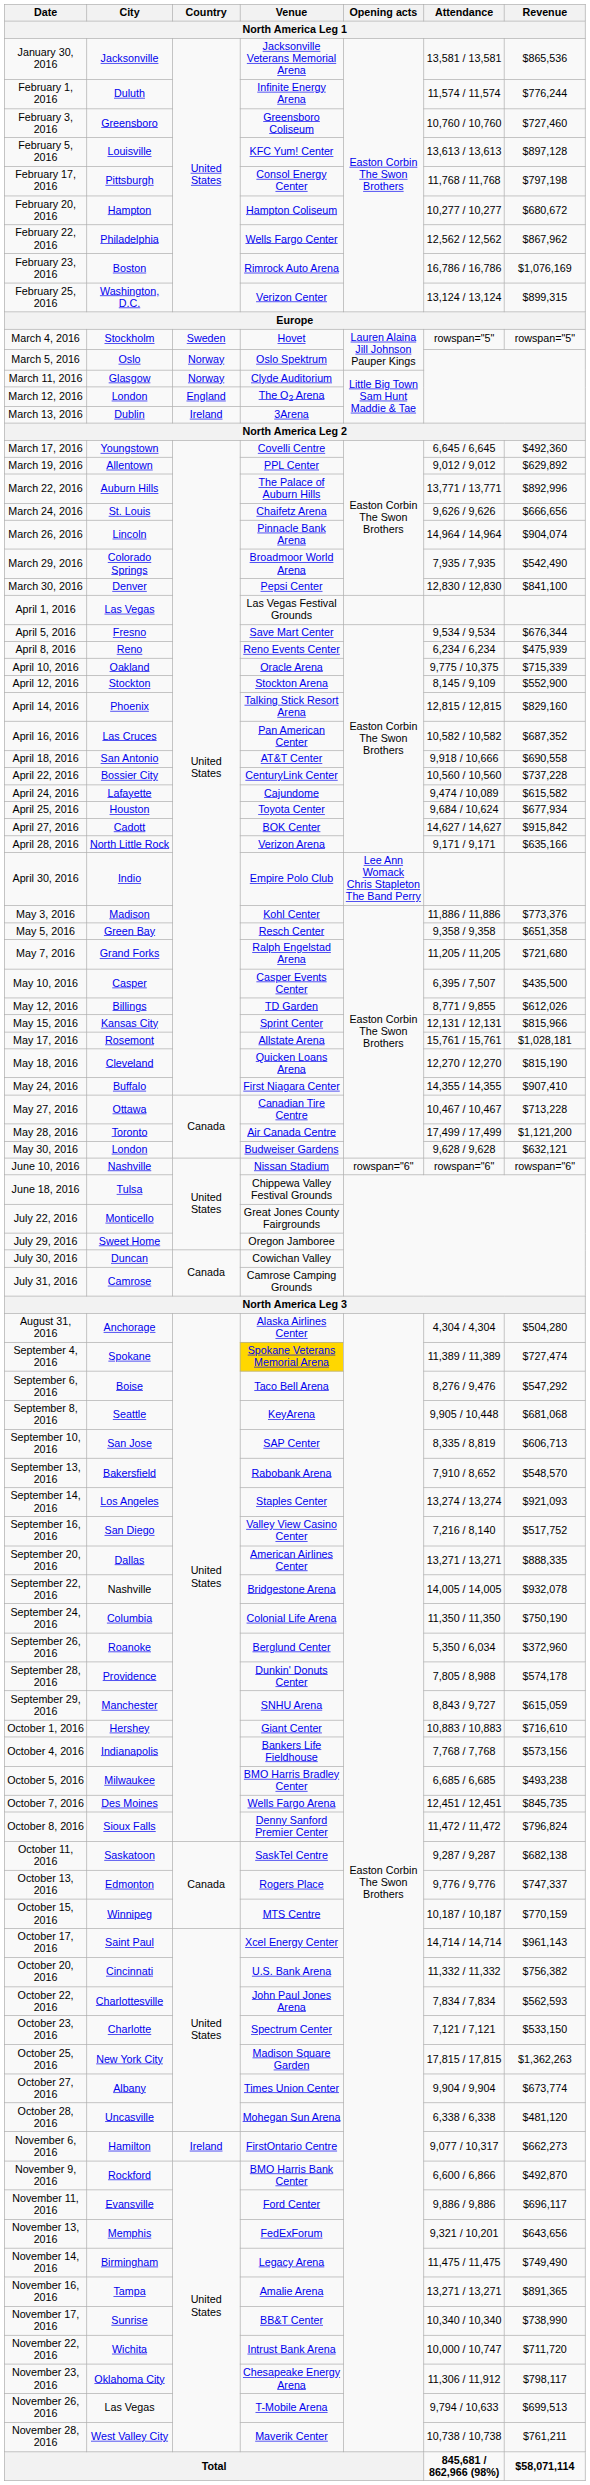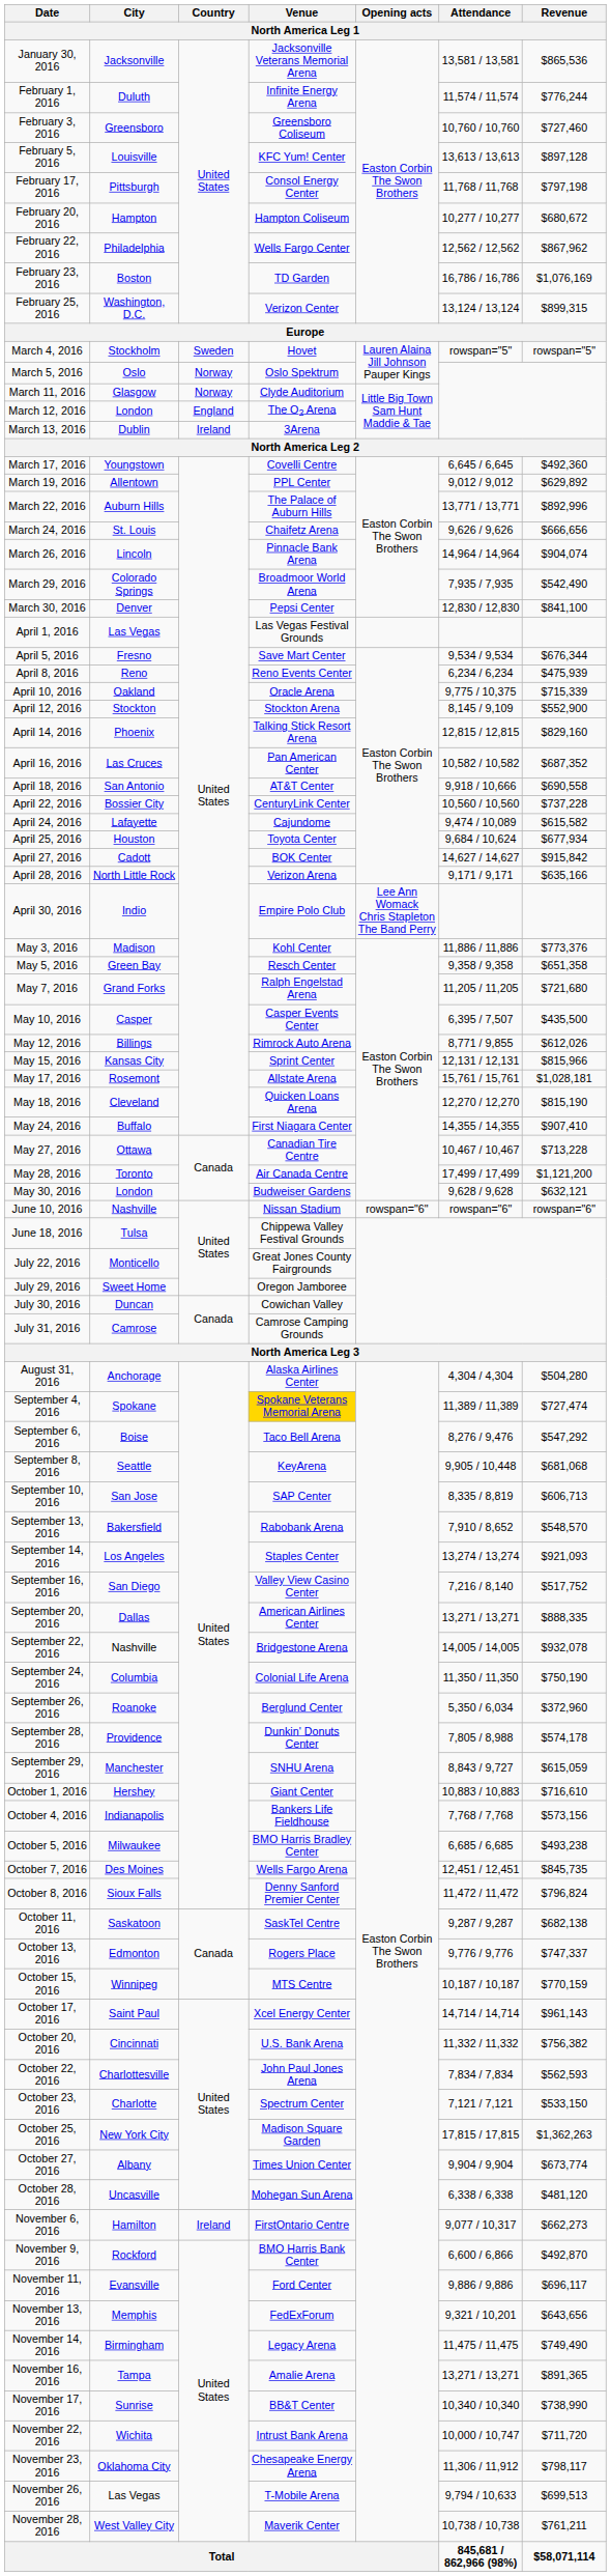 <table class="wikitable" style="text-align:center;">
 <tr>
 <th scope="col" style="width:12em;">Date</th>
 <th scope="col" style="width:10em;">City</th>
 <th scope="col" style="width:10em;">Country</th>
 <th scope="col" style="width:16em;">Venue</th>
 <th scope="col" style="width:10em;">Opening acts</th>
 <th scope="col" style="width:10em;">Attendance</th>
 <th scope="col" style="width:10em;">Revenue</th>
 </tr>
 <tr>
 <th colspan="7">North America Leg 1</th>
 </tr>
 <tr>
 <td>January 30, 2016</td>
 <td><a href='#'>Jacksonville</a></td>
 <td rowspan="9"><a href='#'>United States</a></td>
 <td><a href='#'>Jacksonville Veterans Memorial Arena</a></td>
 <td rowspan="9"><a href='#'>Easton Corbin</a><br><a href='#'>The Swon Brothers</a></td>
 <td>13,581 / 13,581</td>
 <td>$865,536</td>
 </tr>
 <tr>
 <td>February 1, 2016</td>
 <td><a href='#'>Duluth</a></td>
 <td><a href='#'>Infinite Energy Arena</a></td>
 <td>11,574 / 11,574</td>
 <td>$776,244</td>
 </tr>
 <tr>
 <td>February 3, 2016</td>
 <td><a href='#'>Greensboro</a></td>
 <td><a href='#'>Greensboro Coliseum</a></td>
 <td>10,760 / 10,760</td>
 <td>$727,460</td>
 </tr>
 <tr>
 <td>February 5, 2016</td>
 <td><a href='#'>Louisville</a></td>
 <td><a href='#'>KFC Yum! Center</a></td>
 <td>13,613 / 13,613</td>
 <td>$897,128</td>
 </tr>
 <tr>
 <td>February 17, 2016</td>
 <td><a href='#'>Pittsburgh</a></td>
 <td><a href='#'>Consol Energy Center</a></td>
 <td>11,768 / 11,768</td>
 <td>$797,198</td>
 </tr>
 <tr>
 <td>February 20, 2016</td>
 <td><a href='#'>Hampton</a></td>
 <td><a href='#'>Hampton Coliseum</a></td>
 <td>10,277 / 10,277</td>
 <td>$680,672</td>
 </tr>
 <tr>
 <td>February 22, 2016</td>
 <td><a href='#'>Philadelphia</a></td>
 <td><a href='#'>Wells Fargo Center</a></td>
 <td>12,562 / 12,562</td>
 <td>$867,962</td>
 </tr>
 <tr>
 <td>February 23, 2016</td>
 <td><a href='#'>Boston</a></td>
-<td><a href='#'>Rimrock Auto Arena</a></td>
+<td><a href='#'>TD Garden</a></td>
 <td>16,786 / 16,786</td>
 <td>$1,076,169</td>
 </tr>
 <tr>
 <td>February 25, 2016</td>
 <td><a href='#'>Washington, D.C.</a></td>
 <td><a href='#'>Verizon Center</a></td>
 <td>13,124 / 13,124</td>
 <td>$899,315</td>
 </tr>
 <tr>
 <th colspan="7">Europe</th>
 </tr>
 <tr>
 <td>March 4, 2016</td>
 <td><a href='#'>Stockholm</a></td>
 <td><a href='#'>Sweden</a></td>
 <td><a href='#'>Hovet</a></td>
 <td rowspan="2"><a href='#'>Lauren Alaina</a><br><a href='#'>Jill Johnson</a><br>Pauper Kings</td>
 <td>rowspan="5" </td>
 <td>rowspan="5" </td>
 </tr>
 <tr>
 <td>March 5, 2016</td>
 <td><a href='#'>Oslo</a></td>
 <td><a href='#'>Norway</a></td>
 <td><a href='#'>Oslo Spektrum</a></td>
 </tr>
 <tr>
 <td>March 11, 2016</td>
 <td><a href='#'>Glasgow</a></td>
 <td><a href='#'>Norway</a></td>
 <td><a href='#'>Clyde Auditorium</a></td>
 <td rowspan="3"><a href='#'>Little Big Town</a><br><a href='#'>Sam Hunt</a><br><a href='#'>Maddie & Tae</a></td>
 </tr>
 <tr>
 <td>March 12, 2016</td>
 <td><a href='#'>London</a></td>
 <td><a href='#'>England</a></td>
 <td><a href='#'>The O<sub>2</sub> Arena</a></td>
 </tr>
 <tr>
 <td>March 13, 2016</td>
 <td><a href='#'>Dublin</a></td>
 <td><a href='#'>Ireland</a></td>
 <td><a href='#'>3Arena</a></td>
 </tr>
 <tr>
 <th colspan="7">North America Leg 2</th>
 </tr>
 <tr>
 <td>March 17, 2016</td>
 <td><a href='#'>Youngstown</a></td>
 <td rowspan="30">United States</td>
 <td><a href='#'>Covelli Centre</a></td>
 <td rowspan="7">Easton Corbin<br>The Swon Brothers</td>
 <td>6,645 / 6,645</td>
 <td>$492,360</td>
 </tr>
 <tr>
 <td>March 19, 2016</td>
 <td><a href='#'>Allentown</a></td>
 <td><a href='#'>PPL Center</a></td>
 <td>9,012 / 9,012</td>
 <td>$629,892</td>
 </tr>
 <tr>
 <td>March 22, 2016</td>
 <td><a href='#'>Auburn Hills</a></td>
 <td><a href='#'>The Palace of Auburn Hills</a></td>
 <td>13,771 / 13,771</td>
 <td>$892,996</td>
 </tr>
 <tr>
 <td>March 24, 2016</td>
 <td><a href='#'>St. Louis</a></td>
 <td><a href='#'>Chaifetz Arena</a></td>
 <td>9,626 / 9,626</td>
 <td>$666,656</td>
 </tr>
 <tr>
 <td>March 26, 2016</td>
 <td><a href='#'>Lincoln</a></td>
 <td><a href='#'>Pinnacle Bank Arena</a></td>
 <td>14,964 / 14,964</td>
 <td>$904,074</td>
 </tr>
 <tr>
 <td>March 29, 2016</td>
 <td><a href='#'>Colorado Springs</a></td>
 <td><a href='#'>Broadmoor World Arena</a></td>
 <td>7,935 / 7,935</td>
 <td>$542,490</td>
 </tr>
 <tr>
 <td>March 30, 2016</td>
 <td><a href='#'>Denver</a></td>
 <td><a href='#'>Pepsi Center</a></td>
 <td>12,830 / 12,830</td>
 <td>$841,100</td>
 </tr>
 <tr>
 <td>April 1, 2016</td>
 <td><a href='#'>Las Vegas</a></td>
 <td>Las Vegas Festival Grounds</td>
 <td></td>
 <td></td>
 <td></td>
 </tr>
 <tr>
 <td>April 5, 2016</td>
 <td><a href='#'>Fresno</a></td>
 <td><a href='#'>Save Mart Center</a></td>
 <td rowspan="12">Easton Corbin<br>The Swon Brothers</td>
 <td>9,534 / 9,534</td>
 <td>$676,344</td>
 </tr>
 <tr>
 <td>April 8, 2016</td>
 <td><a href='#'>Reno</a></td>
 <td><a href='#'>Reno Events Center</a></td>
 <td>6,234 / 6,234</td>
 <td>$475,939</td>
 </tr>
 <tr>
 <td>April 10, 2016</td>
 <td><a href='#'>Oakland</a></td>
 <td><a href='#'>Oracle Arena</a></td>
 <td>9,775 / 10,375</td>
 <td>$715,339</td>
 </tr>
 <tr>
 <td>April 12, 2016</td>
 <td><a href='#'>Stockton</a></td>
 <td><a href='#'>Stockton Arena</a></td>
 <td>8,145 / 9,109</td>
 <td>$552,900</td>
 </tr>
 <tr>
 <td>April 14, 2016</td>
 <td><a href='#'>Phoenix</a></td>
 <td><a href='#'>Talking Stick Resort Arena</a></td>
 <td>12,815 / 12,815</td>
 <td>$829,160</td>
 </tr>
 <tr>
 <td>April 16, 2016</td>
 <td><a href='#'>Las Cruces</a></td>
 <td><a href='#'>Pan American Center</a></td>
 <td>10,582 / 10,582</td>
 <td>$687,352</td>
 </tr>
 <tr>
 <td>April 18, 2016</td>
 <td><a href='#'>San Antonio</a></td>
 <td><a href='#'>AT&T Center</a></td>
 <td>9,918 / 10,666</td>
 <td>$690,558</td>
 </tr>
 <tr>
 <td>April 22, 2016</td>
 <td><a href='#'>Bossier City</a></td>
 <td><a href='#'>CenturyLink Center</a></td>
 <td>10,560 / 10,560</td>
 <td>$737,228</td>
 </tr>
 <tr>
 <td>April 24, 2016</td>
 <td><a href='#'>Lafayette</a></td>
 <td><a href='#'>Cajundome</a></td>
 <td>9,474 / 10,089</td>
 <td>$615,582</td>
 </tr>
 <tr>
 <td>April 25, 2016</td>
 <td><a href='#'>Houston</a></td>
 <td><a href='#'>Toyota Center</a></td>
 <td>9,684 / 10,624</td>
 <td>$677,934</td>
 </tr>
 <tr>
 <td>April 27, 2016</td>
 <td><a href='#'>Cadott</a></td>
 <td><a href='#'>BOK Center</a></td>
 <td>14,627 / 14,627</td>
 <td>$915,842</td>
 </tr>
 <tr>
 <td>April 28, 2016</td>
 <td><a href='#'>North Little Rock</a></td>
 <td><a href='#'>Verizon Arena</a></td>
 <td>9,171 / 9,171</td>
 <td>$635,166</td>
 </tr>
 <tr>
 <td>April 30, 2016</td>
 <td><a href='#'>Indio</a></td>
 <td><a href='#'>Empire Polo Club</a></td>
 <td><a href='#'>Lee Ann Womack</a><br><a href='#'>Chris Stapleton</a><br><a href='#'>The Band Perry</a></td>
 <td></td>
 <td></td>
 </tr>
 <tr>
 <td>May 3, 2016</td>
 <td><a href='#'>Madison</a></td>
 <td><a href='#'>Kohl Center</a></td>
 <td rowspan="12">Easton Corbin<br>The Swon Brothers</td>
 <td>11,886 / 11,886</td>
 <td>$773,376</td>
 </tr>
 <tr>
 <td>May 5, 2016</td>
 <td><a href='#'>Green Bay</a></td>
 <td><a href='#'>Resch Center</a></td>
 <td>9,358 / 9,358</td>
 <td>$651,358</td>
 </tr>
 <tr>
 <td>May 7, 2016</td>
 <td><a href='#'>Grand Forks</a></td>
 <td><a href='#'>Ralph Engelstad Arena</a></td>
 <td>11,205 / 11,205</td>
 <td>$721,680</td>
 </tr>
 <tr>
 <td>May 10, 2016</td>
 <td><a href='#'>Casper</a></td>
 <td><a href='#'>Casper Events Center</a></td>
 <td>6,395 / 7,507</td>
 <td>$435,500</td>
 </tr>
 <tr>
 <td>May 12, 2016</td>
 <td><a href='#'>Billings</a></td>
-<td><a href='#'>TD Garden</a></td>
+<td><a href='#'>Rimrock Auto Arena</a></td>
 <td>8,771 / 9,855</td>
 <td>$612,026</td>
 </tr>
 <tr>
 <td>May 15, 2016</td>
 <td><a href='#'>Kansas City</a></td>
 <td><a href='#'>Sprint Center</a></td>
 <td>12,131 / 12,131</td>
 <td>$815,966</td>
 </tr>
 <tr>
 <td>May 17, 2016</td>
 <td><a href='#'>Rosemont</a></td>
 <td><a href='#'>Allstate Arena</a></td>
 <td>15,761 / 15,761</td>
 <td>$1,028,181</td>
 </tr>
 <tr>
 <td>May 18, 2016</td>
 <td><a href='#'>Cleveland</a></td>
 <td><a href='#'>Quicken Loans Arena</a></td>
 <td>12,270 / 12,270</td>
 <td>$815,190</td>
 </tr>
 <tr>
 <td>May 24, 2016</td>
 <td><a href='#'>Buffalo</a></td>
 <td><a href='#'>First Niagara Center</a></td>
 <td>14,355 / 14,355</td>
 <td>$907,410</td>
 </tr>
 <tr>
 <td>May 27, 2016</td>
 <td><a href='#'>Ottawa</a></td>
 <td rowspan="3">Canada</td>
 <td><a href='#'>Canadian Tire Centre</a></td>
 <td>10,467 / 10,467</td>
 <td>$713,228</td>
 </tr>
 <tr>
 <td>May 28, 2016</td>
 <td><a href='#'>Toronto</a></td>
 <td><a href='#'>Air Canada Centre</a></td>
 <td>17,499 / 17,499</td>
 <td>$1,121,200</td>
 </tr>
 <tr>
 <td>May 30, 2016</td>
 <td><a href='#'>London</a></td>
 <td><a href='#'>Budweiser Gardens</a></td>
 <td>9,628 / 9,628</td>
 <td>$632,121</td>
 </tr>
 <tr>
 <td>June 10, 2016</td>
 <td><a href='#'>Nashville</a></td>
 <td rowspan="4">United States</td>
 <td><a href='#'>Nissan Stadium</a></td>
 <td>rowspan="6" </td>
 <td>rowspan="6" </td>
 <td>rowspan="6" </td>
 </tr>
 <tr>
 <td>June 18, 2016</td>
 <td><a href='#'>Tulsa</a></td>
 <td>Chippewa Valley Festival Grounds</td>
 </tr>
 <tr>
 <td>July 22, 2016</td>
 <td><a href='#'>Monticello</a></td>
 <td>Great Jones County Fairgrounds</td>
 </tr>
 <tr>
 <td>July 29, 2016</td>
 <td><a href='#'>Sweet Home</a></td>
 <td>Oregon Jamboree</td>
 </tr>
 <tr>
 <td>July 30, 2016</td>
 <td><a href='#'>Duncan</a></td>
 <td rowspan="2">Canada</td>
 <td>Cowichan Valley</td>
 </tr>
 <tr>
 <td>July 31, 2016</td>
 <td><a href='#'>Camrose</a></td>
 <td>Camrose Camping Grounds</td>
 </tr>
 <tr>
 <th colspan="7">North America Leg 3</th>
 </tr>
 <tr>
 <td>August 31, 2016</td>
 <td><a href='#'>Anchorage</a></td>
 <td rowspan="19">United States</td>
 <td><a href='#'>Alaska Airlines Center</a></td>
 <td rowspan="40">Easton Corbin<br>The Swon Brothers</td>
 <td>4,304 / 4,304</td>
 <td>$504,280</td>
 </tr>
 <tr>
 <td>September 4, 2016</td>
 <td><a href='#'>Spokane</a></td>
 <td style="background: gold;"><a href='#'>Spokane Veterans Memorial Arena</a></td>
 <td>11,389 / 11,389</td>
 <td>$727,474</td>
 </tr>
 <tr>
 <td>September 6, 2016</td>
 <td><a href='#'>Boise</a></td>
 <td><a href='#'>Taco Bell Arena</a></td>
 <td>8,276 / 9,476</td>
 <td>$547,292</td>
 </tr>
 <tr>
 <td>September 8, 2016</td>
 <td><a href='#'>Seattle</a></td>
 <td><a href='#'>KeyArena</a></td>
 <td>9,905 / 10,448</td>
 <td>$681,068</td>
 </tr>
 <tr>
 <td>September 10, 2016</td>
 <td><a href='#'>San Jose</a></td>
 <td><a href='#'>SAP Center</a></td>
 <td>8,335 / 8,819</td>
 <td>$606,713</td>
 </tr>
 <tr>
 <td>September 13, 2016</td>
 <td><a href='#'>Bakersfield</a></td>
 <td><a href='#'>Rabobank Arena</a></td>
 <td>7,910 / 8,652</td>
 <td>$548,570</td>
 </tr>
 <tr>
 <td>September 14, 2016</td>
 <td><a href='#'>Los Angeles</a></td>
 <td><a href='#'>Staples Center</a></td>
 <td>13,274 / 13,274</td>
 <td>$921,093</td>
 </tr>
 <tr>
 <td>September 16, 2016</td>
 <td><a href='#'>San Diego</a></td>
 <td><a href='#'>Valley View Casino Center</a></td>
 <td>7,216 / 8,140</td>
 <td>$517,752</td>
 </tr>
 <tr>
 <td>September 20, 2016</td>
 <td><a href='#'>Dallas</a></td>
 <td><a href='#'>American Airlines Center</a></td>
 <td>13,271 / 13,271</td>
 <td>$888,335</td>
 </tr>
 <tr>
 <td>September 22, 2016</td>
 <td>Nashville</td>
 <td><a href='#'>Bridgestone Arena</a></td>
 <td>14,005 / 14,005</td>
 <td>$932,078</td>
 </tr>
 <tr>
 <td>September 24, 2016</td>
 <td><a href='#'>Columbia</a></td>
 <td><a href='#'>Colonial Life Arena</a></td>
 <td>11,350 / 11,350</td>
 <td>$750,190</td>
 </tr>
 <tr>
 <td>September 26, 2016</td>
 <td><a href='#'>Roanoke</a></td>
 <td><a href='#'>Berglund Center</a></td>
 <td>5,350 / 6,034</td>
 <td>$372,960</td>
 </tr>
 <tr>
 <td>September 28, 2016</td>
 <td><a href='#'>Providence</a></td>
 <td><a href='#'>Dunkin' Donuts Center</a></td>
 <td>7,805 / 8,988</td>
 <td>$574,178</td>
 </tr>
 <tr>
 <td>September 29, 2016</td>
 <td><a href='#'>Manchester</a></td>
 <td><a href='#'>SNHU Arena</a></td>
 <td>8,843 / 9,727</td>
 <td>$615,059</td>
 </tr>
 <tr>
 <td>October 1, 2016</td>
 <td><a href='#'>Hershey</a></td>
 <td><a href='#'>Giant Center</a></td>
 <td>10,883 / 10,883</td>
 <td>$716,610</td>
 </tr>
 <tr>
 <td>October 4, 2016</td>
 <td><a href='#'>Indianapolis</a></td>
 <td><a href='#'>Bankers Life Fieldhouse</a></td>
 <td>7,768 / 7,768</td>
 <td>$573,156</td>
 </tr>
 <tr>
 <td>October 5, 2016</td>
 <td><a href='#'>Milwaukee</a></td>
 <td><a href='#'>BMO Harris Bradley Center</a></td>
 <td>6,685 / 6,685</td>
 <td>$493,238</td>
 </tr>
 <tr>
 <td>October 7, 2016</td>
 <td><a href='#'>Des Moines</a></td>
 <td><a href='#'>Wells Fargo Arena</a></td>
 <td>12,451 / 12,451</td>
 <td>$845,735</td>
 </tr>
 <tr>
 <td>October 8, 2016</td>
 <td><a href='#'>Sioux Falls</a></td>
 <td><a href='#'>Denny Sanford Premier Center</a></td>
 <td>11,472 / 11,472</td>
 <td>$796,824</td>
 </tr>
 <tr>
 <td>October 11, 2016</td>
 <td><a href='#'>Saskatoon</a></td>
 <td rowspan="3">Canada</td>
 <td><a href='#'>SaskTel Centre</a></td>
 <td>9,287 / 9,287</td>
 <td>$682,138</td>
 </tr>
 <tr>
 <td>October 13, 2016</td>
 <td><a href='#'>Edmonton</a></td>
 <td><a href='#'>Rogers Place</a></td>
 <td>9,776 / 9,776</td>
 <td>$747,337</td>
 </tr>
 <tr>
 <td>October 15, 2016</td>
 <td><a href='#'>Winnipeg</a></td>
 <td><a href='#'>MTS Centre</a></td>
 <td>10,187 / 10,187</td>
 <td>$770,159</td>
 </tr>
 <tr>
 <td>October 17, 2016</td>
 <td><a href='#'>Saint Paul</a></td>
 <td rowspan="7">United States</td>
 <td><a href='#'>Xcel Energy Center</a></td>
 <td>14,714 / 14,714</td>
 <td>$961,143</td>
 </tr>
 <tr>
 <td>October 20, 2016</td>
 <td><a href='#'>Cincinnati</a></td>
 <td><a href='#'>U.S. Bank Arena</a></td>
 <td>11,332 / 11,332</td>
 <td>$756,382</td>
 </tr>
 <tr>
 <td>October 22, 2016</td>
 <td><a href='#'>Charlottesville</a></td>
 <td><a href='#'>John Paul Jones Arena</a></td>
 <td>7,834 / 7,834</td>
 <td>$562,593</td>
 </tr>
 <tr>
 <td>October 23, 2016</td>
 <td><a href='#'>Charlotte</a></td>
 <td><a href='#'>Spectrum Center</a></td>
 <td>7,121 / 7,121</td>
 <td>$533,150</td>
 </tr>
 <tr>
 <td>October 25, 2016</td>
 <td><a href='#'>New York City</a></td>
 <td><a href='#'>Madison Square Garden</a></td>
 <td>17,815 / 17,815</td>
 <td>$1,362,263</td>
 </tr>
 <tr>
 <td>October 27, 2016</td>
 <td><a href='#'>Albany</a></td>
 <td><a href='#'>Times Union Center</a></td>
 <td>9,904 / 9,904</td>
 <td>$673,774</td>
 </tr>
 <tr>
 <td>October 28, 2016</td>
 <td><a href='#'>Uncasville</a></td>
 <td><a href='#'>Mohegan Sun Arena</a></td>
 <td>6,338 / 6,338</td>
 <td>$481,120</td>
 </tr>
 <tr>
 <td>November 6, 2016</td>
 <td><a href='#'>Hamilton</a></td>
 <td><a href='#'>Ireland</a></td>
 <td><a href='#'>FirstOntario Centre</a></td>
 <td>9,077 / 10,317</td>
 <td>$662,273</td>
 </tr>
 <tr>
 <td>November 9, 2016</td>
 <td><a href='#'>Rockford</a></td>
 <td rowspan="10">United States</td>
 <td><a href='#'>BMO Harris Bank Center</a></td>
 <td>6,600 / 6,866</td>
 <td>$492,870</td>
 </tr>
 <tr>
 <td>November 11, 2016</td>
 <td><a href='#'>Evansville</a></td>
 <td><a href='#'>Ford Center</a></td>
 <td>9,886 / 9,886</td>
 <td>$696,117</td>
 </tr>
 <tr>
 <td>November 13, 2016</td>
 <td><a href='#'>Memphis</a></td>
 <td><a href='#'>FedExForum</a></td>
 <td>9,321 / 10,201</td>
 <td>$643,656</td>
 </tr>
 <tr>
 <td>November 14, 2016</td>
 <td><a href='#'>Birmingham</a></td>
 <td><a href='#'>Legacy Arena</a></td>
 <td>11,475 / 11,475</td>
 <td>$749,490</td>
 </tr>
 <tr>
 <td>November 16, 2016</td>
 <td><a href='#'>Tampa</a></td>
 <td><a href='#'>Amalie Arena</a></td>
 <td>13,271 / 13,271</td>
 <td>$891,365</td>
 </tr>
 <tr>
 <td>November 17, 2016</td>
 <td><a href='#'>Sunrise</a></td>
 <td><a href='#'>BB&T Center</a></td>
 <td>10,340 / 10,340</td>
 <td>$738,990</td>
 </tr>
 <tr>
 <td>November 22, 2016</td>
 <td><a href='#'>Wichita</a></td>
 <td><a href='#'>Intrust Bank Arena</a></td>
 <td>10,000 / 10,747</td>
 <td>$711,720</td>
 </tr>
 <tr>
 <td>November 23, 2016</td>
 <td><a href='#'>Oklahoma City</a></td>
 <td><a href='#'>Chesapeake Energy Arena</a></td>
 <td>11,306 / 11,912</td>
 <td>$798,117</td>
 </tr>
 <tr>
 <td>November 26, 2016</td>
 <td>Las Vegas</td>
 <td><a href='#'>T-Mobile Arena</a></td>
 <td>9,794 / 10,633</td>
 <td>$699,513</td>
 </tr>
 <tr>
 <td>November 28, 2016</td>
 <td><a href='#'>West Valley City</a></td>
 <td><a href='#'>Maverik Center</a></td>
 <td>10,738 / 10,738</td>
 <td>$761,211</td>
 </tr>
 <tr>
 <th colspan="5">Total</th>
 <td><strong>845,681 / 862,966 (98%)</strong></td>
 <td><strong>$58,071,114</strong></td>
 </tr>
 </table>
